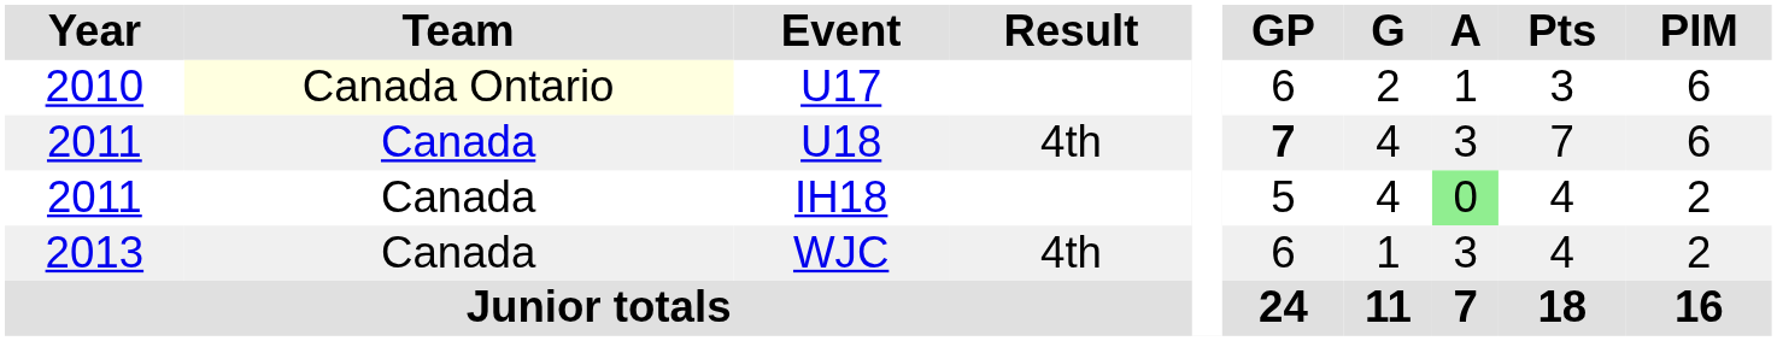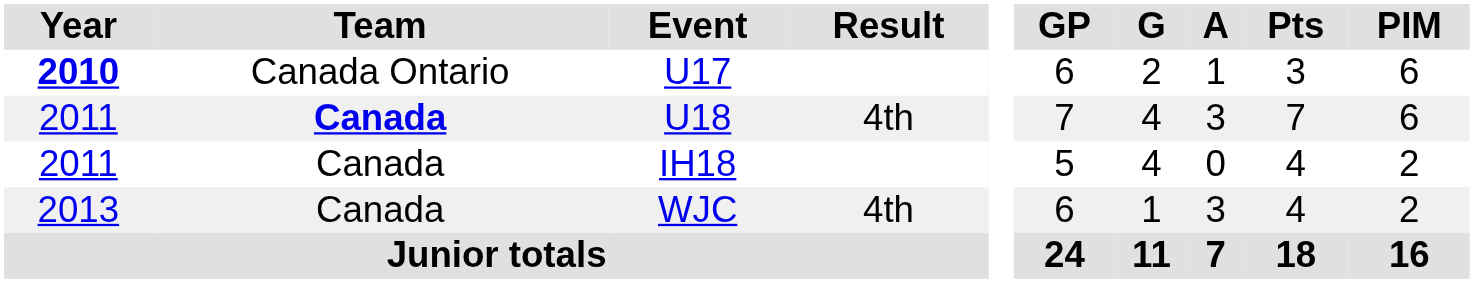 <table border="0" cellpadding="1" cellspacing="0" style="text-align:center; width:40em">
 <tr ALIGN="center" bgcolor="#e0e0e0">
 <th>Year</th>
 <th>Team</th>
 <th>Event</th>
 <th>Result</th>
 <th rowspan="99" bgcolor="#ffffff"> </th>
 <th>GP</th>
 <th>G</th>
 <th>A</th>
 <th>Pts</th>
 <th>PIM</th>
 </tr>
 <tr ALIGN="center">
-<td><a href='#'>2010</a></td>
-<td style="background: lightyellow;">Canada Ontario</td>
+<td><strong><a href='#'>2010</a></strong></td>
+<td>Canada Ontario</td>
 <td><a href='#'>U17</a></td>
 <td></td>
 <td>6</td>
 <td>2</td>
 <td>1</td>
 <td>3</td>
 <td>6</td>
 </tr>
 <tr ALIGN="center" bgcolor="#f0f0f0">
 <td><a href='#'>2011</a></td>
-<td><a href='#'>Canada</a></td>
+<td><strong><a href='#'>Canada</a></strong></td>
 <td><a href='#'>U18</a></td>
 <td>4th</td>
-<td><strong>7</strong></td>
+<td>7</td>
 <td>4</td>
 <td>3</td>
 <td>7</td>
 <td>6</td>
 </tr>
 <tr ALIGN="center">
 <td><a href='#'>2011</a></td>
 <td>Canada</td>
 <td><a href='#'>IH18</a></td>
 <td></td>
 <td>5</td>
 <td>4</td>
-<td style="background: lightgreen;">0</td>
+<td>0</td>
 <td>4</td>
 <td>2</td>
 </tr>
 <tr ALIGN="center" bgcolor="#f0f0f0">
 <td><a href='#'>2013</a></td>
 <td>Canada</td>
 <td><a href='#'>WJC</a></td>
 <td>4th</td>
 <td>6</td>
 <td>1</td>
 <td>3</td>
 <td>4</td>
 <td>2</td>
 </tr>
 <tr bgcolor="#e0e0e0">
 <th colspan="4">Junior totals</th>
 <th>24</th>
 <th>11</th>
 <th>7</th>
 <th>18</th>
 <th>16</th>
 </tr>
 </table>
